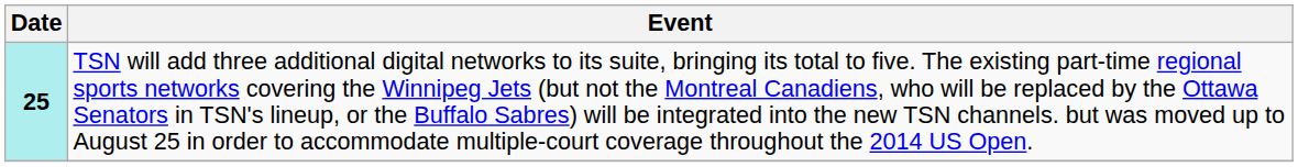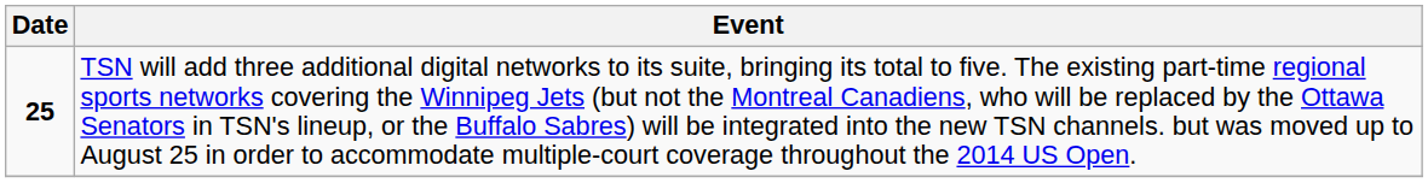 <table class="wikitable">
 <tr>
 <th>Date</th>
 <th>Event</th>
 </tr>
 <tr>
-<td style="background: paleturquoise; text-align:center;"><strong>25</strong></td>
+<td style="text-align:center;"><strong>25</strong></td>
 <td><a href='#'>TSN</a> will add three additional digital networks to its suite, bringing its total to five. The existing part-time <a href='#'>regional sports networks</a> covering the <a href='#'>Winnipeg Jets</a> (but not the <a href='#'>Montreal Canadiens</a>, who will be replaced by the <a href='#'>Ottawa Senators</a> in TSN's lineup, or the <a href='#'>Buffalo Sabres</a>) will be integrated into the new TSN channels. but was moved up to August 25 in order to accommodate multiple-court coverage throughout the <a href='#'>2014 US Open</a>.</td>
 </tr>
 <tr>
 </tr>
 </table>
